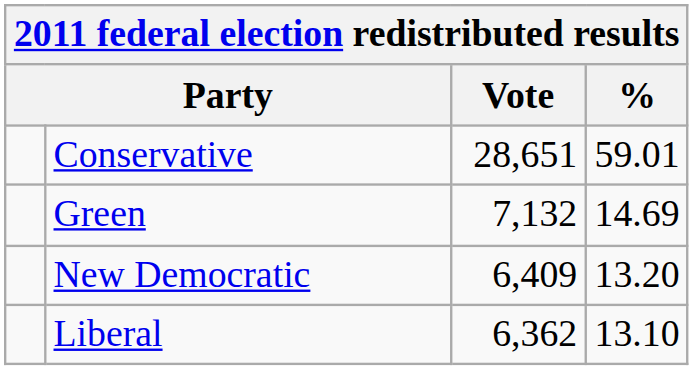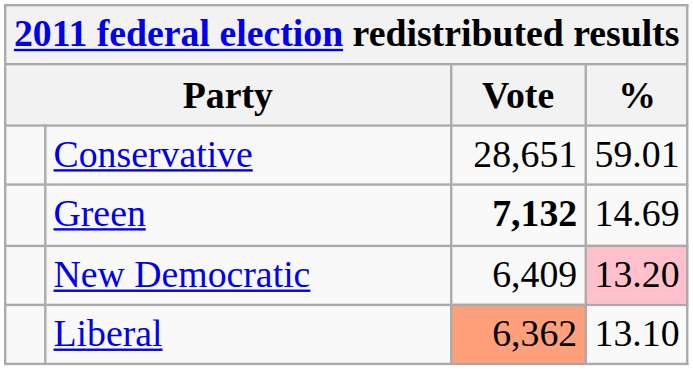 <table class="wikitable">
 <tr>
 <th colspan="4"><a href='#'>2011 federal election</a> redistributed results</th>
 </tr>
 <tr>
 <th bgcolor="#DDDDFF" width="130px" colspan="2">Party</th>
 <th bgcolor="#DDDDFF" width="50px">Vote</th>
 <th bgcolor="#DDDDFF" width="30px">%</th>
 </tr>
 <tr>
 <td> </td>
 <td><a href='#'>Conservative</a></td>
 <td align=right>28,651</td>
 <td align=right>59.01</td>
 </tr>
 <tr>
 <td> </td>
 <td><a href='#'>Green</a></td>
-<td align=right>7,132</td>
+<td align=right><strong>7,132</strong></td>
 <td align=right>14.69</td>
 </tr>
 <tr>
 <td> </td>
 <td><a href='#'>New Democratic</a></td>
 <td align=right>6,409</td>
-<td align=right>13.20</td>
+<td align=right style="background: pink;">13.20</td>
 </tr>
 <tr>
 <td> </td>
 <td><a href='#'>Liberal</a></td>
-<td align=right>6,362</td>
+<td align=right style="background: lightsalmon;">6,362</td>
 <td align=right>13.10</td>
 </tr>
 </table>
